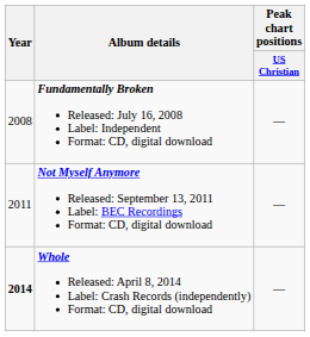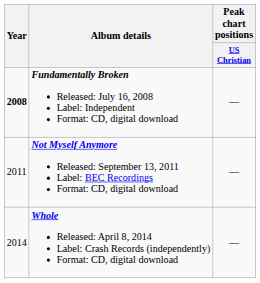 <table class="wikitable" style="text-align:center;">
 <tr>
 <th rowspan="2">Year</th>
 <th rowspan="2">Album details</th>
 <th colspan="1">Peak chart positions</th>
 </tr>
 <tr style="font-size:smaller;">
 <th width="40"><a href='#'>US<br>Christian</a></th>
 </tr>
 <tr>
-<td>2008</td>
+<td><strong>2008</strong></td>
 <td align="left"><strong><em>Fundamentally Broken</em></strong><br><ul><li>Released: July 16, 2008</li><li>Label: Independent</li><li>Format: CD, digital download</li></ul></td>
 <td>—</td>
 </tr>
 <tr>
 <td>2011</td>
 <td align="left"><strong><em><a href='#'>Not Myself Anymore</a></em></strong><br><ul><li>Released: September 13, 2011</li><li>Label: <a href='#'>BEC Recordings</a></li><li>Format: CD, digital download</li></ul></td>
 <td>—</td>
 </tr>
 <tr>
-<td><strong>2014</strong></td>
+<td>2014</td>
 <td align="left"><strong><em><a href='#'>Whole</a></em></strong><br><ul><li>Released: April 8, 2014</li><li>Label: Crash Records (independently)</li><li>Format: CD, digital download</li></ul></td>
 <td>—</td>
 </tr>
 </table>
